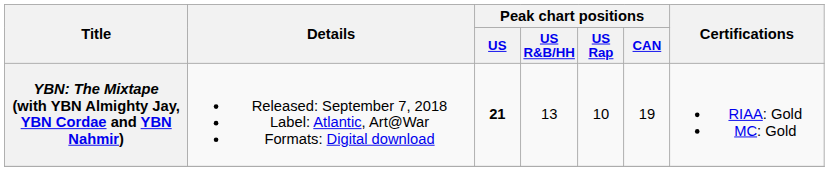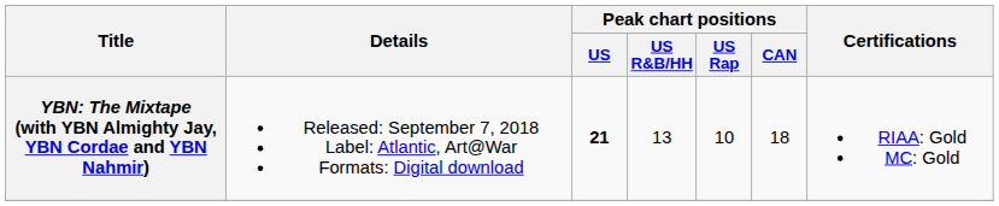 <table class="wikitable plainrowheaders" style="text-align: center;">
 <tr>
 <th scope="col" rowspan="2" style="width:12em;">Title</th>
 <th scope="col" rowspan="2" style="width:19em;">Details</th>
 <th scope="col" colspan="4">Peak chart positions</th>
 <th scope="col" rowspan="2" style="width:10em;">Certifications</th>
 </tr>
 <tr>
 <th scope="col" style="width:3em;font-size:90%;"><a href='#'>US</a><br></th>
 <th scope="col" style="width:3em;font-size:90%;"><a href='#'>US R&B/HH</a><br></th>
 <th scope="col" style="width:3em;font-size:90%;"><a href='#'>US<br>Rap</a><br></th>
 <th scope="col" style="width:3em;font-size:90%;"><a href='#'>CAN</a><br></th>
 </tr>
 <tr>
 <th scope="row"><em>YBN: The Mixtape</em><br><span>(with YBN Almighty Jay, <a href='#'>YBN Cordae</a> and <a href='#'>YBN Nahmir</a>)</span></th>
 <td><br><ul><li>Released: September 7, 2018</li><li>Label: <a href='#'>Atlantic</a>, Art@War</li><li>Formats: <a href='#'>Digital download</a></li></ul></td>
 <td><strong>21</strong></td>
 <td>13</td>
 <td>10</td>
-<td>19</td>
+<td>18</td>
 <td><br><ul><li><a href='#'>RIAA</a>: Gold</li><li><a href='#'>MC</a>: Gold</li></ul></td>
 </tr>
 <tr>
 </tr>
 </table>
